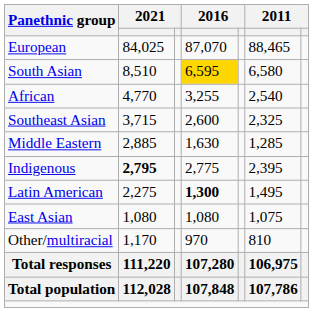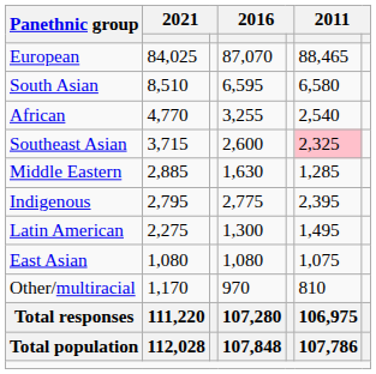 <table class="wikitable collapsible sortable">
 <tr>
 <th rowspan="2"><a href='#'>Panethnic</a> group</th>
 <th colspan="2">2021</th>
 <th colspan="2">2016</th>
 <th colspan="2">2011</th>
 </tr>
 <tr>
 <th><a href='#'></a></th>
 <th></th>
 <th></th>
 <th></th>
 <th></th>
 <th></th>
 </tr>
 <tr>
 <td><a href='#'>European</a></td>
 <td>84,025</td>
 <td></td>
 <td>87,070</td>
 <td></td>
 <td>88,465</td>
 <td></td>
 </tr>
 <tr>
 <td><a href='#'>South Asian</a></td>
 <td>8,510</td>
 <td></td>
-<td style="background: gold;">6,595</td>
+<td>6,595</td>
 <td></td>
 <td>6,580</td>
 <td></td>
 </tr>
 <tr>
 <td><a href='#'>African</a></td>
 <td>4,770</td>
 <td></td>
 <td>3,255</td>
 <td></td>
 <td>2,540</td>
 <td></td>
 </tr>
 <tr>
 <td><a href='#'>Southeast Asian</a></td>
 <td>3,715</td>
 <td></td>
 <td>2,600</td>
 <td></td>
-<td>2,325</td>
+<td style="background: pink;">2,325</td>
 <td></td>
 </tr>
 <tr>
 <td><a href='#'>Middle Eastern</a></td>
 <td>2,885</td>
 <td></td>
 <td>1,630</td>
 <td></td>
 <td>1,285</td>
 <td></td>
 </tr>
 <tr>
 <td><a href='#'>Indigenous</a></td>
-<td><strong>2,795</strong></td>
+<td>2,795</td>
 <td></td>
 <td>2,775</td>
 <td></td>
 <td>2,395</td>
 <td></td>
 </tr>
 <tr>
 <td><a href='#'>Latin American</a></td>
 <td>2,275</td>
 <td></td>
-<td><strong>1,300</strong></td>
+<td>1,300</td>
 <td></td>
 <td>1,495</td>
 <td></td>
 </tr>
 <tr>
 <td><a href='#'>East Asian</a></td>
 <td>1,080</td>
 <td></td>
 <td>1,080</td>
 <td></td>
 <td>1,075</td>
 <td></td>
 </tr>
 <tr>
 <td>Other/<a href='#'>multiracial</a></td>
 <td>1,170</td>
 <td></td>
 <td>970</td>
 <td></td>
 <td>810</td>
 <td></td>
 </tr>
 <tr>
 <th>Total responses</th>
 <th>111,220</th>
 <th></th>
 <th>107,280</th>
 <th></th>
 <th>106,975</th>
 <th></th>
 </tr>
 <tr class="sortbottom">
 <th>Total population</th>
 <th>112,028</th>
 <th></th>
 <th>107,848</th>
 <th></th>
 <th>107,786</th>
 <th></th>
 </tr>
 <tr class="sortbottom">
 <td colspan="15"></td>
 </tr>
 </table>
